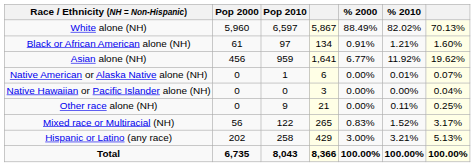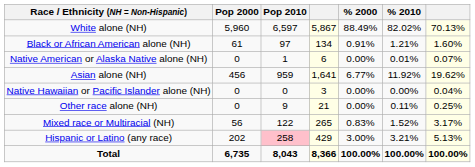 <table class="wikitable" style="text-align:center;">
 <tr>
 <th>Race / Ethnicity <small>(<em>NH = Non-Hispanic</em>)</small></th>
 <th>Pop 2000</th>
 <th>Pop 2010</th>
 <th></th>
 <th>% 2000</th>
 <th>% 2010</th>
 <th></th>
 </tr>
 <tr>
 <td><a href='#'>White</a> alone (NH)</td>
 <td>5,960</td>
 <td>6,597</td>
 <td style='background: #ffffe6;'>5,867</td>
 <td>88.49%</td>
 <td>82.02%</td>
 <td style='background: #ffffe6;'>70.13%</td>
 </tr>
 <tr>
 <td><a href='#'>Black or African American</a> alone (NH)</td>
 <td>61</td>
 <td>97</td>
 <td style='background: #ffffe6;'>134</td>
 <td>0.91%</td>
 <td>1.21%</td>
 <td style='background: #ffffe6;'>1.60%</td>
 </tr>
 <tr>
+<td><a href='#'>Native American</a> or <a href='#'>Alaska Native</a> alone (NH)</td>
+<td>0</td>
+<td>1</td>
+<td style='background: #ffffe6;'>6</td>
+<td>0.00%</td>
+<td>0.01%</td>
+<td style='background: #ffffe6;'>0.07%</td>
+</tr>
+<tr>
 <td><a href='#'>Asian</a> alone (NH)</td>
 <td>456</td>
 <td>959</td>
 <td style='background: #ffffe6;'>1,641</td>
 <td>6.77%</td>
 <td>11.92%</td>
 <td style='background: #ffffe6;'>19.62%</td>
-</tr>
-<tr>
-<td><a href='#'>Native American</a> or <a href='#'>Alaska Native</a> alone (NH)</td>
-<td>0</td>
-<td>1</td>
-<td style='background: #ffffe6;'>6</td>
-<td>0.00%</td>
-<td>0.01%</td>
-<td style='background: #ffffe6;'>0.07%</td>
 </tr>
 <tr>
 <td><a href='#'>Native Hawaiian</a> or <a href='#'>Pacific Islander</a> alone (NH)</td>
 <td>0</td>
 <td>0</td>
 <td style='background: #ffffe6;'>3</td>
 <td>0.00%</td>
 <td>0.00%</td>
 <td style='background: #ffffe6;'>0.04%</td>
 </tr>
 <tr>
 <td><a href='#'>Other race</a> alone (NH)</td>
 <td>0</td>
 <td>9</td>
 <td style='background: #ffffe6;'>21</td>
 <td>0.00%</td>
 <td>0.11%</td>
 <td style='background: #ffffe6;'>0.25%</td>
 </tr>
 <tr>
 <td><a href='#'>Mixed race or Multiracial</a> (NH)</td>
 <td>56</td>
 <td>122</td>
 <td style='background: #ffffe6;'>265</td>
 <td>0.83%</td>
 <td>1.52%</td>
 <td style='background: #ffffe6;'>3.17%</td>
 </tr>
 <tr>
 <td><a href='#'>Hispanic or Latino</a> (any race)</td>
 <td>202</td>
-<td>258</td>
+<td style="background: pink;">258</td>
 <td style='background: #ffffe6;'>429</td>
 <td>3.00%</td>
 <td>3.21%</td>
 <td style='background: #ffffe6;'>5.13%</td>
 </tr>
 <tr>
 <td><strong>Total</strong></td>
 <td><strong>6,735</strong></td>
 <td><strong>8,043</strong></td>
 <td style='background: #ffffe6;'><strong>8,366</strong></td>
 <td><strong>100.00%</strong></td>
 <td><strong>100.00%</strong></td>
 <td style='background: #ffffe6;'><strong>100.00%</strong></td>
 </tr>
 </table>
